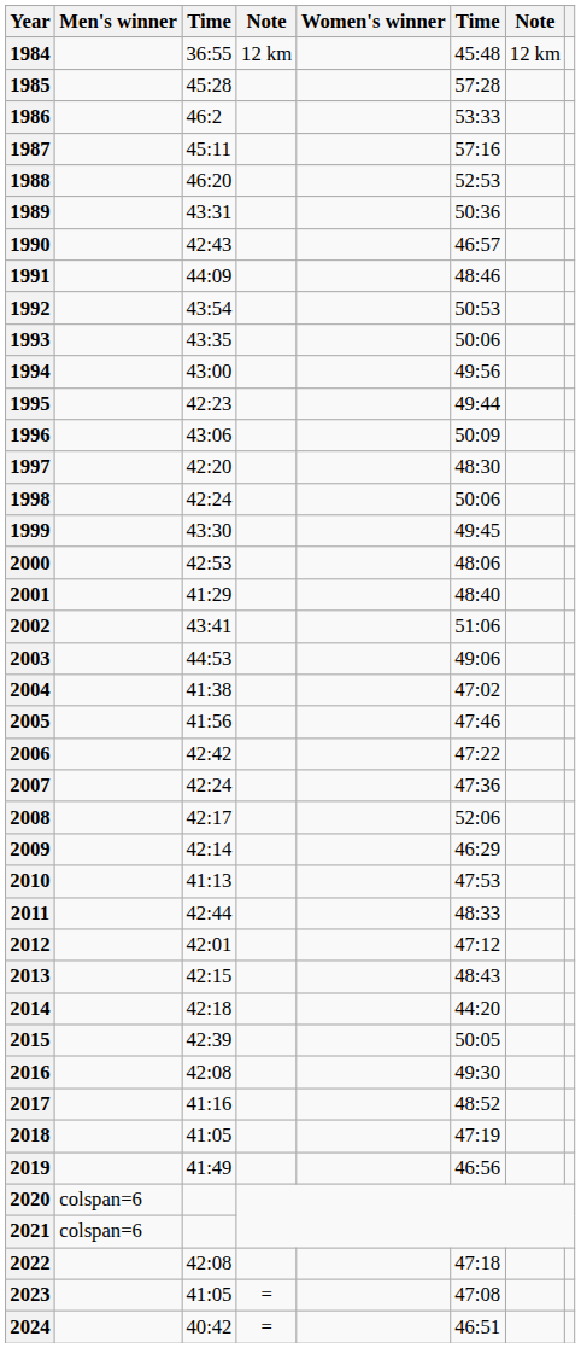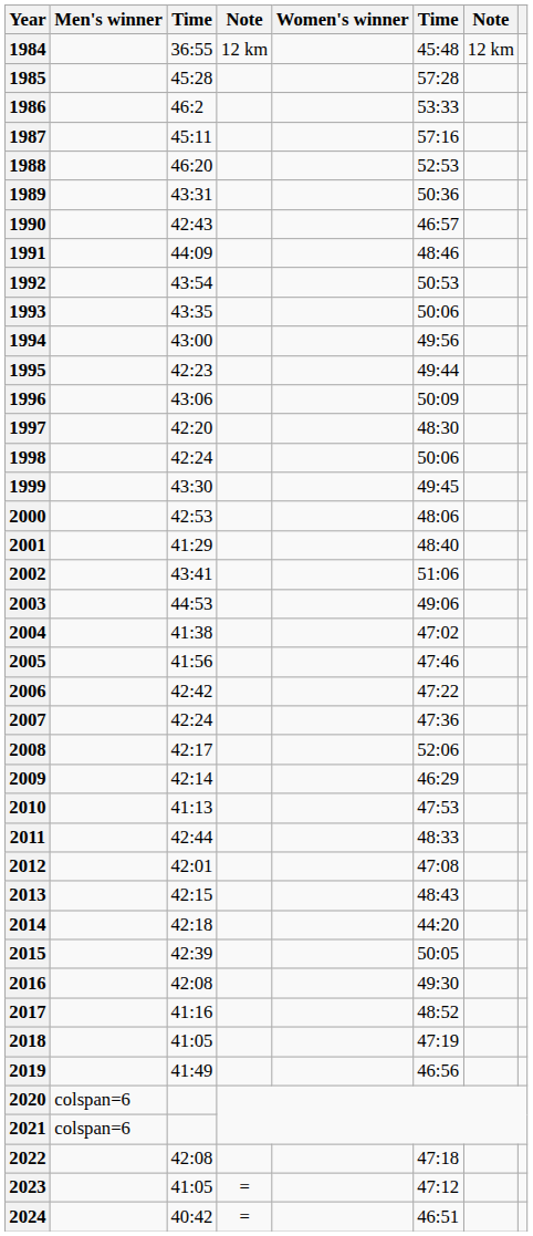 <table class="wikitable sortable plainrowheaders">
 <tr>
 <th scope="col">Year</th>
 <th scope="col">Men's winner</th>
 <th scope="col">Time</th>
 <th scope="col">Note</th>
 <th scope="col">Women's winner</th>
 <th scope="col">Time</th>
 <th scope="col">Note</th>
 <th scope="col" class="unsortable"></th>
 </tr>
 <tr>
 <th scope="row" style="text-align:center;">1984</th>
 <td></td>
 <td>36:55</td>
 <td style="text-align:center;">12 km</td>
 <td></td>
 <td>45:48</td>
 <td style="text-align:center;">12 km</td>
 <td></td>
 </tr>
 <tr>
 <th scope="row" style="text-align:center;">1985</th>
 <td></td>
 <td>45:28</td>
 <td style="text-align:center;"></td>
 <td></td>
 <td>57:28</td>
 <td style="text-align:center;"></td>
 <td></td>
 </tr>
 <tr>
 <th scope="row" style="text-align:center;">1986</th>
 <td></td>
 <td>46:2</td>
 <td></td>
 <td></td>
 <td>53:33</td>
 <td style="text-align:center;"></td>
 <td></td>
 </tr>
 <tr>
 <th scope="row" style="text-align:center;">1987</th>
 <td></td>
 <td>45:11</td>
 <td style="text-align:center;"></td>
 <td></td>
 <td>57:16</td>
 <td></td>
 <td></td>
 </tr>
 <tr>
 <th scope="row" style="text-align:center;">1988</th>
 <td></td>
 <td>46:20</td>
 <td></td>
 <td></td>
 <td>52:53</td>
 <td style="text-align:center;"></td>
 <td></td>
 </tr>
 <tr>
 <th scope="row" style="text-align:center;">1989</th>
 <td></td>
 <td>43:31</td>
 <td style="text-align:center;"></td>
 <td></td>
 <td>50:36</td>
 <td style="text-align:center;"></td>
 <td></td>
 </tr>
 <tr>
 <th scope="row" style="text-align:center;">1990</th>
 <td></td>
 <td>42:43</td>
 <td></td>
 <td></td>
 <td>46:57</td>
 <td></td>
 <td></td>
 </tr>
 <tr>
 <th scope="row" style="text-align:center;">1991</th>
 <td></td>
 <td>44:09</td>
 <td></td>
 <td></td>
 <td>48:46</td>
 <td style="text-align:center;"></td>
 <td></td>
 </tr>
 <tr>
 <th scope="row" style="text-align:center;">1992</th>
 <td></td>
 <td>43:54</td>
 <td></td>
 <td></td>
 <td>50:53</td>
 <td></td>
 <td></td>
 </tr>
 <tr>
 <th scope="row" style="text-align:center;">1993</th>
 <td></td>
 <td>43:35</td>
 <td></td>
 <td></td>
 <td>50:06</td>
 <td></td>
 <td></td>
 </tr>
 <tr>
 <th scope="row" style="text-align:center;">1994</th>
 <td></td>
 <td>43:00</td>
 <td style="text-align:center;"></td>
 <td></td>
 <td>49:56</td>
 <td></td>
 <td></td>
 </tr>
 <tr>
 <th scope="row" style="text-align:center;">1995</th>
 <td></td>
 <td>42:23</td>
 <td style="text-align:center;"></td>
 <td></td>
 <td>49:44</td>
 <td></td>
 <td></td>
 </tr>
 <tr>
 <th scope="row" style="text-align:center;">1996</th>
 <td></td>
 <td>43:06</td>
 <td></td>
 <td></td>
 <td>50:09</td>
 <td></td>
 <td></td>
 </tr>
 <tr>
 <th scope="row" style="text-align:center;">1997</th>
 <td></td>
 <td>42:20</td>
 <td style="text-align:center;"></td>
 <td></td>
 <td>48:30</td>
 <td style="text-align:center;"></td>
 <td></td>
 </tr>
 <tr>
 <th scope="row" style="text-align:center;">1998</th>
 <td></td>
 <td>42:24</td>
 <td></td>
 <td></td>
 <td>50:06</td>
 <td></td>
 <td></td>
 </tr>
 <tr>
 <th scope="row" style="text-align:center;">1999</th>
 <td></td>
 <td>43:30</td>
 <td></td>
 <td></td>
 <td>49:45</td>
 <td></td>
 <td></td>
 </tr>
 <tr>
 <th scope="row" style="text-align:center;">2000</th>
 <td></td>
 <td>42:53</td>
 <td></td>
 <td></td>
 <td>48:06</td>
 <td style="text-align:center;"></td>
 <td></td>
 </tr>
 <tr>
 <th scope="row" style="text-align:center;">2001</th>
 <td></td>
 <td>41:29</td>
 <td style="text-align:center;"></td>
 <td></td>
 <td>48:40</td>
 <td></td>
 <td></td>
 </tr>
 <tr>
 <th scope="row" style="text-align:center;">2002</th>
 <td></td>
 <td>43:41</td>
 <td></td>
 <td></td>
 <td>51:06</td>
 <td></td>
 <td></td>
 </tr>
 <tr>
 <th scope="row" style="text-align:center;">2003</th>
 <td></td>
 <td>44:53</td>
 <td></td>
 <td></td>
 <td>49:06</td>
 <td></td>
 <td></td>
 </tr>
 <tr>
 <th scope="row" style="text-align:center;">2004</th>
 <td></td>
 <td>41:38</td>
 <td></td>
 <td></td>
 <td>47:02</td>
 <td style="text-align:center;"></td>
 <td></td>
 </tr>
 <tr>
 <th scope="row" style="text-align:center;">2005</th>
 <td></td>
 <td>41:56</td>
 <td></td>
 <td></td>
 <td>47:46</td>
 <td></td>
 <td></td>
 </tr>
 <tr>
 <th scope="row" style="text-align:center;">2006</th>
 <td></td>
 <td>42:42</td>
 <td></td>
 <td></td>
 <td>47:22</td>
 <td></td>
 <td></td>
 </tr>
 <tr>
 <th scope="row" style="text-align:center;">2007</th>
 <td></td>
 <td>42:24</td>
 <td></td>
 <td></td>
 <td>47:36</td>
 <td></td>
 <td></td>
 </tr>
 <tr>
 <th scope="row" style="text-align:center;">2008</th>
 <td></td>
 <td>42:17</td>
 <td></td>
 <td></td>
 <td>52:06</td>
 <td style="text-align:center;"></td>
 <td></td>
 </tr>
 <tr>
 <th scope="row" style="text-align:center;">2009</th>
 <td></td>
 <td>42:14</td>
 <td></td>
 <td></td>
 <td>46:29</td>
 <td style="text-align:center;"></td>
 <td></td>
 </tr>
 <tr>
 <th scope="row" style="text-align:center;">2010</th>
 <td></td>
 <td>41:13</td>
 <td style="text-align:center;"></td>
 <td></td>
 <td>47:53</td>
 <td></td>
 <td></td>
 </tr>
 <tr>
 <th scope="row" style="text-align:center;">2011</th>
 <td></td>
 <td>42:44</td>
 <td></td>
 <td></td>
 <td>48:33</td>
 <td></td>
 <td style="text-align:center;"></td>
 </tr>
 <tr>
 <th scope="row" style="text-align:center;">2012</th>
 <td></td>
 <td>42:01</td>
 <td></td>
 <td></td>
-<td>47:12</td>
+<td>47:08</td>
 <td></td>
 <td></td>
 </tr>
 <tr>
 <th scope="row" style="text-align:center;">2013</th>
 <td></td>
 <td>42:15</td>
 <td></td>
 <td></td>
 <td>48:43</td>
 <td></td>
 <td></td>
 </tr>
 <tr>
 <th scope="row" style="text-align:center;">2014</th>
 <td></td>
 <td>42:18</td>
 <td></td>
 <td></td>
 <td>44:20</td>
 <td></td>
 <td></td>
 </tr>
 <tr>
 <th scope="row" style="text-align:center;">2015</th>
 <td></td>
 <td>42:39</td>
 <td></td>
 <td></td>
 <td>50:05</td>
 <td></td>
 <td></td>
 </tr>
 <tr>
 <th scope="row" style="text-align:center;">2016</th>
 <td></td>
 <td>42:08</td>
 <td></td>
 <td></td>
 <td>49:30</td>
 <td></td>
 <td></td>
 </tr>
 <tr>
 <th scope="row" style="text-align:center;">2017</th>
 <td></td>
 <td>41:16</td>
 <td></td>
 <td></td>
 <td>48:52</td>
 <td></td>
 <td></td>
 </tr>
 <tr>
 <th scope="row" style="text-align:center;">2018</th>
 <td></td>
 <td>41:05</td>
 <td style="text-align:center;"></td>
 <td></td>
 <td>47:19</td>
 <td></td>
 <td style="text-align:center;"></td>
 </tr>
 <tr>
 <th scope="row" style="text-align:center;">2019</th>
 <td></td>
 <td>41:49</td>
 <td></td>
 <td></td>
 <td>46:56</td>
 <td style="text-align:center;"></td>
 <td style="text-align:center;"></td>
 </tr>
 <tr>
 <th scope="row" style="text-align:center;">2020</th>
 <td>colspan=6 </td>
 <td style="text-align:center;"></td>
 </tr>
 <tr>
 <th scope="row" style="text-align:center;">2021</th>
 <td>colspan=6 </td>
 <td style="text-align:center;"></td>
 </tr>
 <tr>
 <th scope="row" style="text-align:center;">2022</th>
 <td></td>
 <td>42:08</td>
 <td></td>
 <td></td>
 <td>47:18</td>
 <td></td>
 <td style="text-align:center;"></td>
 </tr>
 <tr>
 <th scope="row" style="text-align:center;">2023</th>
 <td></td>
 <td>41:05</td>
 <td style="text-align:center;">=</td>
 <td></td>
-<td>47:08</td>
+<td>47:12</td>
 <td></td>
 <td style="text-align:center;"></td>
 </tr>
 <tr>
 <th scope="row" style="text-align:center;">2024</th>
 <td></td>
 <td>40:42</td>
 <td style="text-align:center;">=</td>
 <td></td>
 <td>46:51</td>
 <td></td>
 <td style="text-align:center;"></td>
 </tr>
 </table>
